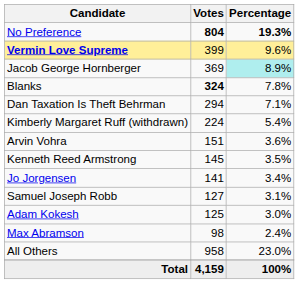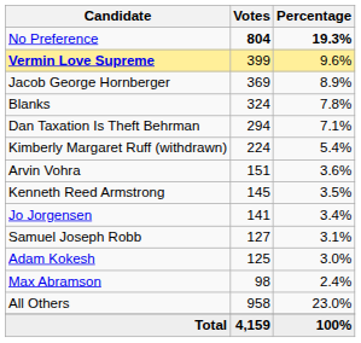 <table class="wikitable" style="text-align:right;">
 <tr>
 <th>Candidate</th>
 <th>Votes</th>
 <th>Percentage</th>
 </tr>
 <tr>
 <td style="text-align:left;"><a href='#'>No Preference</a></td>
 <td><strong>804</strong></td>
 <td><strong>19.3%</strong></td>
 </tr>
 <tr style="background:#ffef99;">
 <td style="text-align:left;"><strong><a href='#'>Vermin Love Supreme</a></strong></td>
 <td>399</td>
 <td>9.6%</td>
 </tr>
 <tr>
 <td style="text-align:left;">Jacob George Hornberger</td>
 <td>369</td>
-<td style="background: paleturquoise;">8.9%</td>
+<td>8.9%</td>
 </tr>
 <tr>
 <td style="text-align:left;">Blanks</td>
-<td><strong>324</strong></td>
+<td>324</td>
 <td>7.8%</td>
 </tr>
 <tr>
 <td style="text-align:left;">Dan Taxation Is Theft Behrman</td>
 <td>294</td>
 <td>7.1%</td>
 </tr>
 <tr>
 <td style="text-align:left;">Kimberly Margaret Ruff (withdrawn)</td>
 <td>224</td>
 <td>5.4%</td>
 </tr>
 <tr>
 <td style="text-align:left;">Arvin Vohra</td>
 <td>151</td>
 <td>3.6%</td>
 </tr>
 <tr>
 <td style="text-align:left;">Kenneth Reed Armstrong</td>
 <td>145</td>
 <td>3.5%</td>
 </tr>
 <tr>
 <td style="text-align:left;"><a href='#'>Jo Jorgensen</a></td>
 <td>141</td>
 <td>3.4%</td>
 </tr>
 <tr>
 <td style="text-align:left;">Samuel Joseph Robb</td>
 <td>127</td>
 <td>3.1%</td>
 </tr>
 <tr>
 <td style="text-align:left;"><a href='#'>Adam Kokesh</a></td>
 <td>125</td>
 <td>3.0%</td>
 </tr>
 <tr>
 <td style="text-align:left;"><a href='#'>Max Abramson</a></td>
 <td>98</td>
 <td>2.4%</td>
 </tr>
 <tr>
 <td style="text-align:left;">All Others</td>
 <td>958</td>
 <td>23.0%</td>
 </tr>
 <tr>
 </tr>
 <tr style="background:#eee;">
 <td style="margin-right:0.50px"><strong>Total</strong></td>
 <td style="margin-right:0.50px"><strong>4,159</strong></td>
 <td style="margin-right:0.50px"><strong>100%</strong></td>
 </tr>
 </table>
